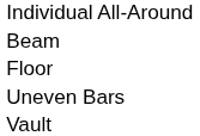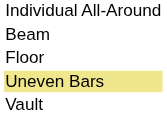 <table>
 <tr>
 <td>Individual All-Around</td>
 <td></td>
 <td></td>
 <td></td>
 </tr>
 <tr>
 <td>Beam</td>
 <td></td>
 <td></td>
 <td></td>
 </tr>
 <tr>
 <td>Floor</td>
 <td></td>
 <td></td>
 <td></td>
 </tr>
 <tr>
-<td>Uneven Bars</td>
+<td style="background: khaki;">Uneven Bars</td>
 <td></td>
 <td></td>
 <td></td>
 </tr>
 <tr>
 <td>Vault</td>
 <td></td>
 <td></td>
 <td></td>
 </tr>
 </table>
